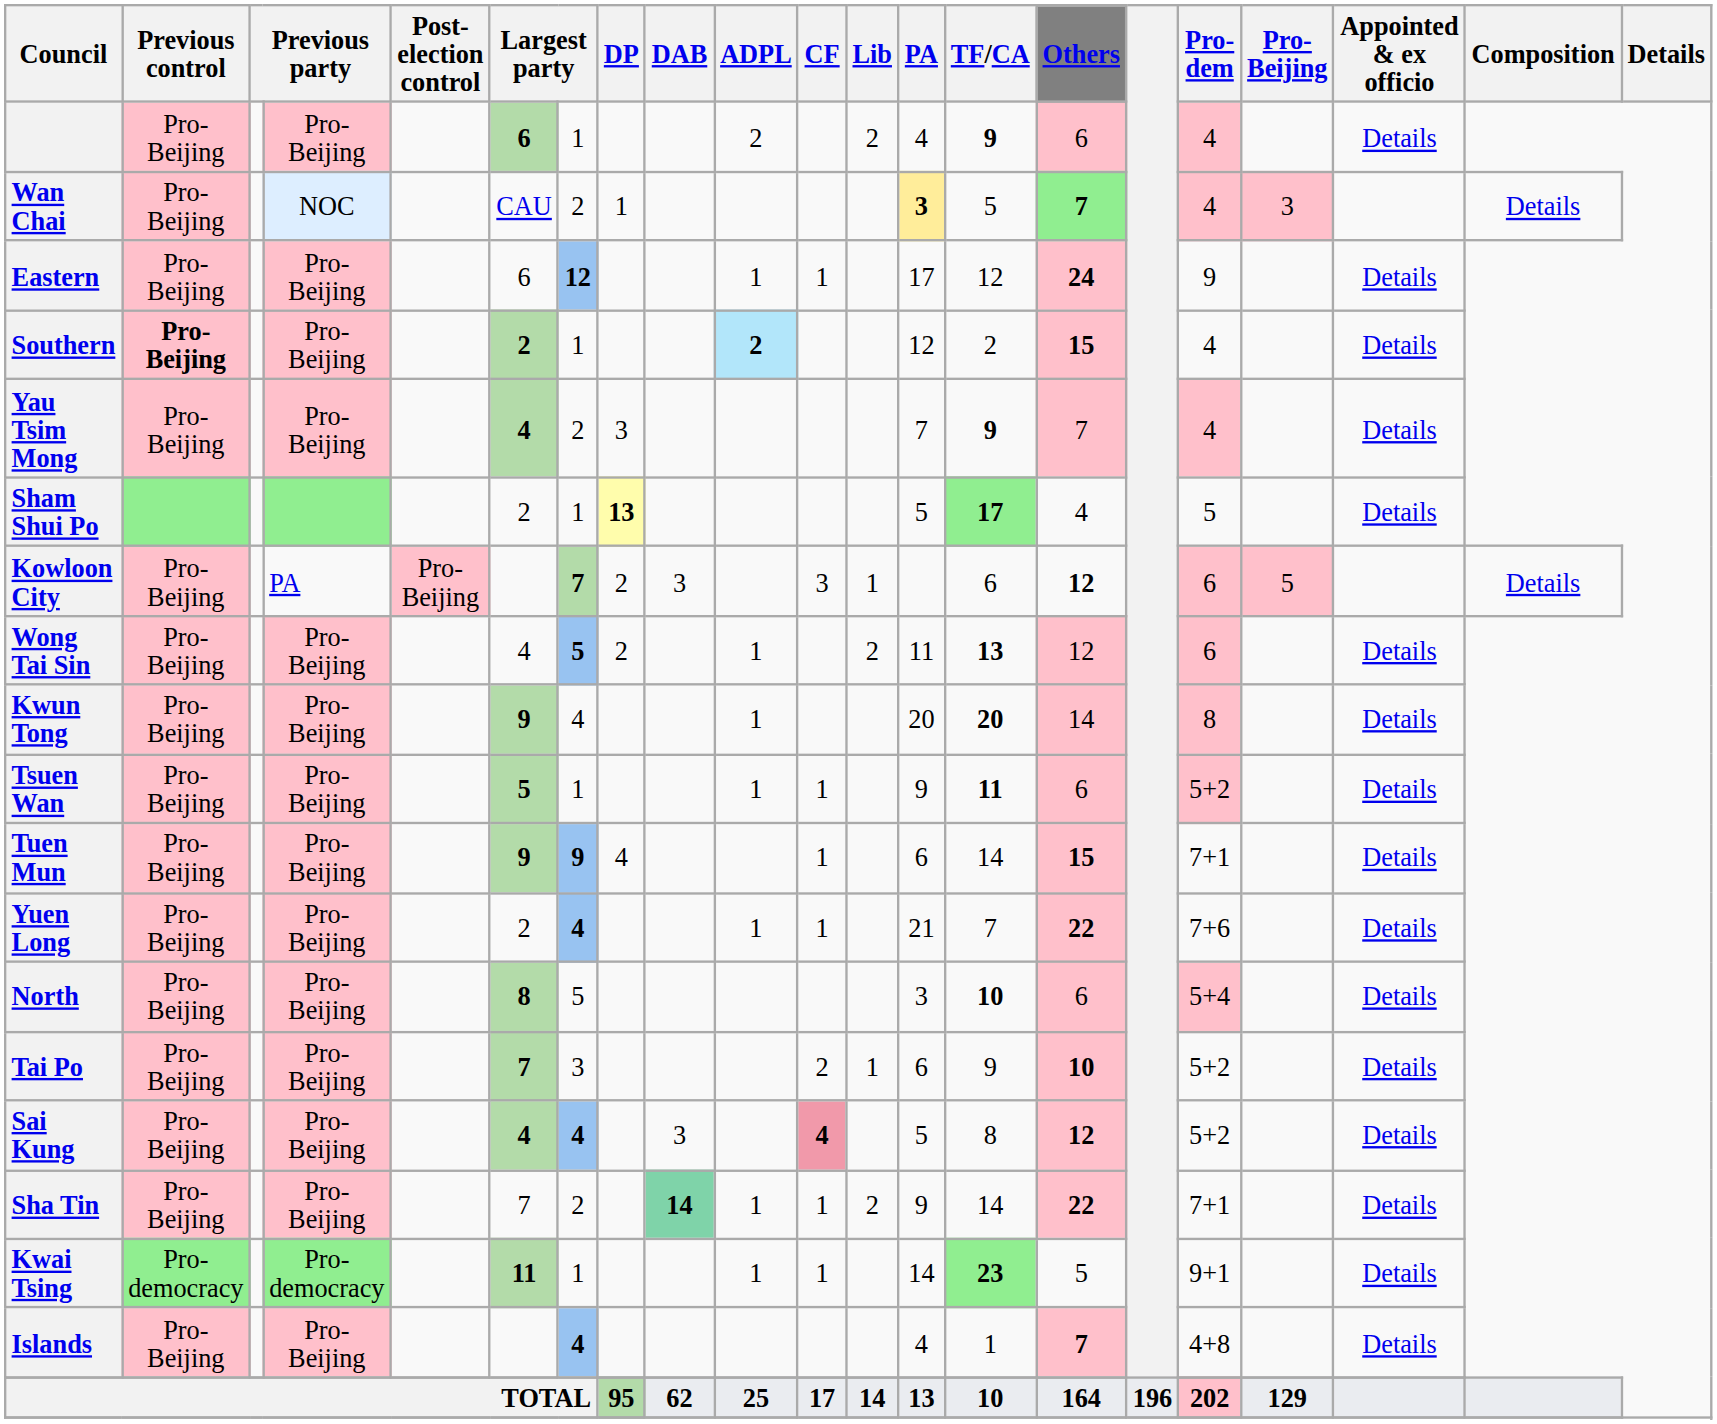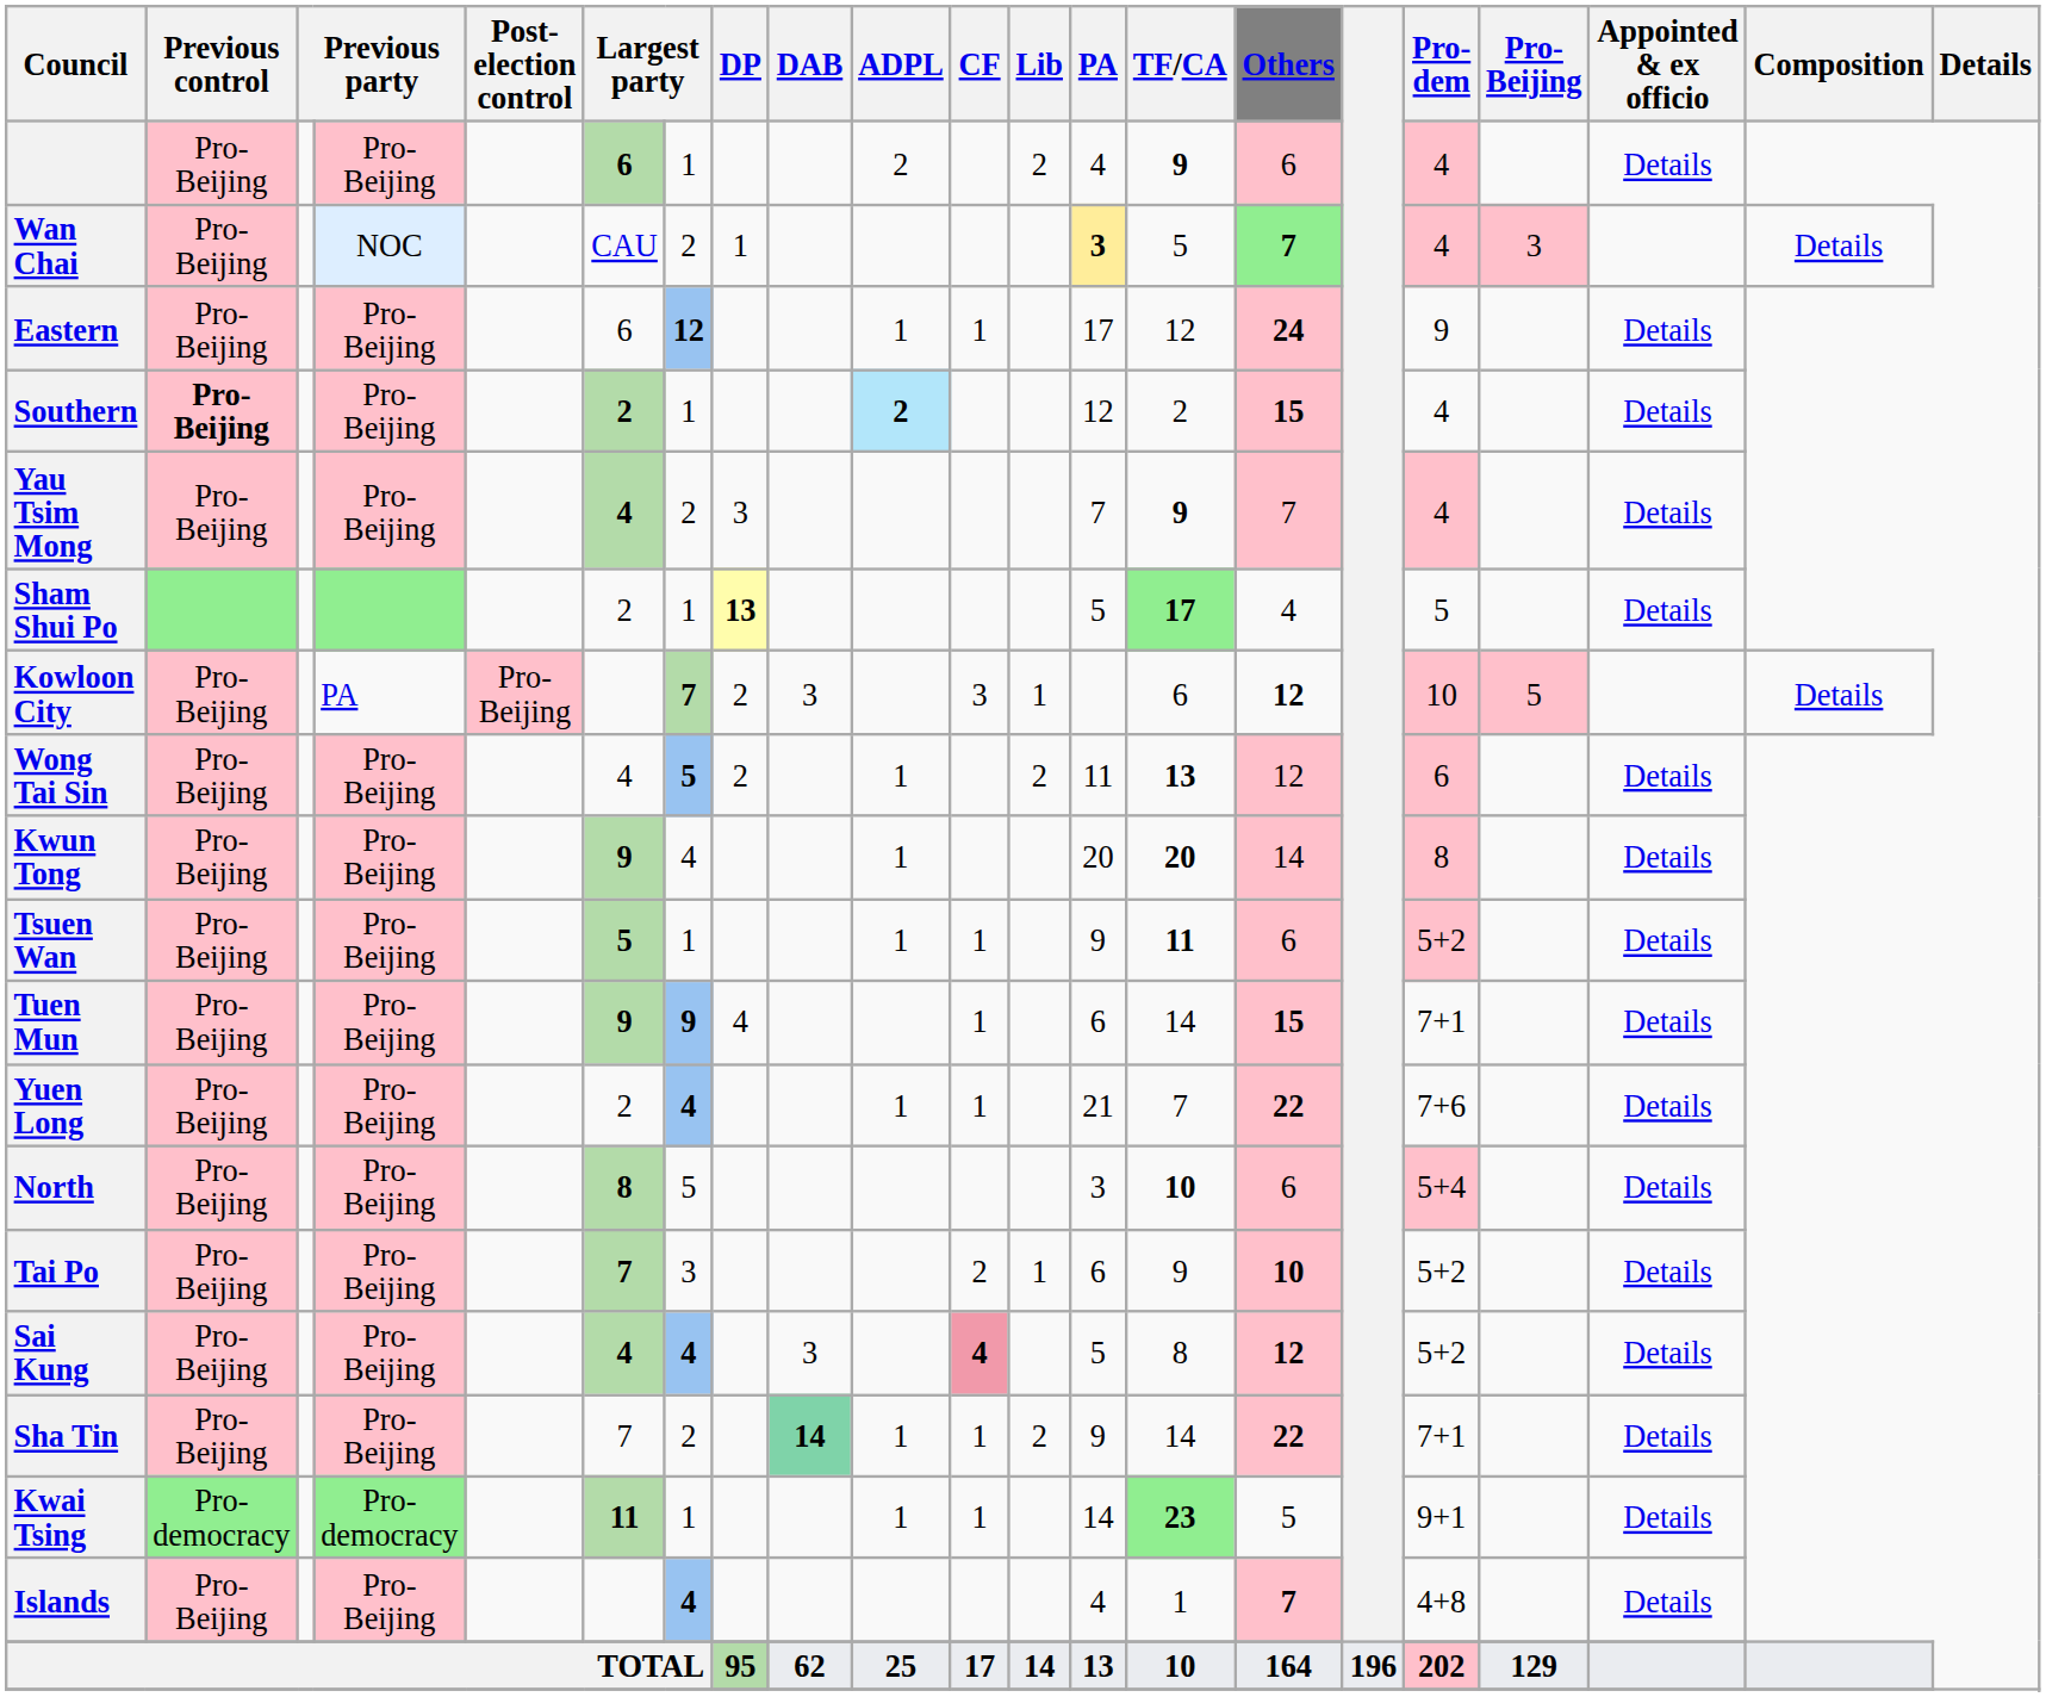 <table class="wikitable" style="text-align:center;font-size:70%">
 <tr>
 <th>Council</th>
 <th>Previous<br>control</th>
 <th colspan=2>Previous<br>party</th>
 <th>Post-election<br>control</th>
 <th colspan=2>Largest<br>party</th>
 <th class="unsortable" style="background:"><a href='#'><span>DP</span></a></th>
 <th class="unsortable" style="background:"><a href='#'><span>DAB</span></a></th>
 <th class="unsortable" style="background:"><a href='#'><span>ADPL</span></a></th>
 <th class="unsortable" style="background:"><a href='#'><span>CF</span></a></th>
 <th class="unsortable" style="background:"><a href='#'><span>Lib</span></a></th>
 <th class="unsortable" style="background:"><a href='#'><span>PA</span></a></th>
 <th class="unsortable" style="background:"><a href='#'><span>TF</span></a>/<a href='#'><span>CA</span></a></th>
 <th class="unsortable" style="background:gray; width:35px;"><a href='#'><span>Others</span></a></th>
 <th class="unsortable" rowspan=20></th>
 <th class="unsortable"  style="width:55px;"><a href='#'>Pro-dem</a></th>
 <th class="unsortable"  style="width:55px;"><a href='#'>Pro-Beijing</a></th>
 <th class="unsortable" style="width:55px;">Appointed<br>& ex officio</th>
 <th class="unsortable">Composition</th>
 <th class="unsortable">Details</th>
 </tr>
 <tr>
 <th scope="row" style="text-align: left;"></th>
 <td style="background-color:Pink">Pro-Beijing</td>
 <td></td>
 <td style="background-color:Pink">Pro-Beijing</td>
 <td></td>
 <td bgcolor=#b3dba9><strong>6</strong></td>
 <td>1</td>
 <td></td>
 <td></td>
 <td>2</td>
 <td></td>
 <td>2</td>
 <td>4</td>
 <td><strong>9</strong></td>
 <td bgcolor=Pink>6</td>
 <td bgcolor=Pink>4</td>
 <td></td>
 <td><a href='#'>Details</a></td>
 </tr>
 <tr>
 <th scope="row" style="text-align: left;"><a href='#'>Wan Chai</a></th>
 <td style="background-color:Pink">Pro-Beijing</td>
 <td></td>
 <td style="background-color:#DDEEFF">NOC</td>
 <td bgcolor=></td>
 <td align=left><a href='#'>CAU</a></td>
 <td>2</td>
 <td>1</td>
 <td></td>
 <td></td>
 <td></td>
 <td></td>
 <td bgcolor=#ffed9a><strong>3</strong></td>
 <td>5</td>
 <td bgcolor=lightgreen><strong>7</strong></td>
 <td bgcolor=Pink>4</td>
 <td bgcolor=Pink>3</td>
 <td></td>
 <td><a href='#'>Details</a></td>
 </tr>
 <tr>
 <th scope="row" style="text-align: left;"><a href='#'>Eastern</a></th>
 <td style="background-color:Pink">Pro-Beijing</td>
 <td></td>
 <td style="background-color:Pink">Pro-Beijing</td>
 <td></td>
 <td>6</td>
 <td bgcolor=#98c3f1><strong>12</strong></td>
 <td></td>
 <td></td>
 <td>1</td>
 <td>1</td>
 <td></td>
 <td>17</td>
 <td>12</td>
 <td bgcolor=pink><strong>24</strong></td>
 <td>9</td>
 <td></td>
 <td><a href='#'>Details</a></td>
 </tr>
 <tr>
 <th scope="row" style="text-align: left;"><a href='#'>Southern</a></th>
 <td style="background-color:Pink"><strong>Pro-Beijing</strong></td>
 <td></td>
 <td style="background-color:Pink">Pro-Beijing</td>
 <td></td>
 <td bgcolor=#b3dba9><strong>2</strong></td>
 <td>1</td>
 <td></td>
 <td></td>
 <td bgcolor=#b2e6fa><strong>2</strong></td>
 <td></td>
 <td></td>
 <td>12</td>
 <td>2</td>
 <td bgcolor=pink><strong>15</strong></td>
 <td>4</td>
 <td></td>
 <td><a href='#'>Details</a></td>
 </tr>
 <tr>
 <th scope="row" style="text-align: left;"><a href='#'>Yau Tsim Mong</a></th>
 <td style="background-color:Pink">Pro-Beijing</td>
 <td></td>
 <td style="background-color:Pink">Pro-Beijing</td>
 <td></td>
 <td bgcolor=#b3dba9><strong>4</strong></td>
 <td>2</td>
 <td>3</td>
 <td></td>
 <td></td>
 <td></td>
 <td></td>
 <td>7</td>
 <td><strong>9</strong></td>
 <td bgcolor=Pink>7</td>
 <td bgcolor=Pink>4</td>
 <td></td>
 <td><a href='#'>Details</a></td>
 </tr>
 <tr>
 <th scope="row" style="text-align: left;"><a href='#'>Sham Shui Po</a></th>
 <td style="background-color:LightGreen"></td>
 <td></td>
 <td style="background-color:LightGreen"></td>
 <td></td>
 <td>2</td>
 <td>1</td>
 <td bgcolor=#fffdac><strong>13</strong></td>
 <td></td>
 <td></td>
 <td></td>
 <td></td>
 <td>5</td>
 <td bgcolor=lightgreen><strong>17</strong></td>
 <td>4</td>
 <td>5</td>
 <td></td>
 <td><a href='#'>Details</a></td>
 </tr>
 <tr>
 <th scope="row" style="text-align: left;"><a href='#'>Kowloon City</a></th>
 <td style="background-color:Pink">Pro-Beijing</td>
 <td bgcolor=></td>
 <td align=left><a href='#'>PA</a></td>
 <td style="background-color:Pink">Pro-Beijing</td>
 <td></td>
 <td bgcolor=#b3dba9><strong>7</strong></td>
 <td>2</td>
 <td>3</td>
 <td></td>
 <td>3</td>
 <td>1</td>
 <td></td>
 <td>6</td>
 <td><strong>12</strong></td>
-<td bgcolor=Pink>6</td>
+<td bgcolor=Pink>10</td>
 <td bgcolor=Pink>5</td>
 <td></td>
 <td><a href='#'>Details</a></td>
 </tr>
 <tr>
 <th scope="row" style="text-align: left;"><a href='#'>Wong Tai Sin</a></th>
 <td style="background-color:Pink">Pro-Beijing</td>
 <td></td>
 <td style="background-color:Pink">Pro-Beijing</td>
 <td></td>
 <td>4</td>
 <td bgcolor=#98c3f1><strong>5</strong></td>
 <td>2</td>
 <td></td>
 <td>1</td>
 <td></td>
 <td>2</td>
 <td>11</td>
 <td><strong>13</strong></td>
 <td bgcolor=Pink>12</td>
 <td bgcolor=Pink>6</td>
 <td></td>
 <td><a href='#'>Details</a></td>
 </tr>
 <tr>
 <th scope="row" style="text-align: left;"><a href='#'>Kwun Tong</a></th>
 <td style="background-color:Pink">Pro-Beijing</td>
 <td></td>
 <td style="background-color:Pink">Pro-Beijing</td>
 <td></td>
 <td bgcolor=#b3dba9><strong>9</strong></td>
 <td>4</td>
 <td></td>
 <td></td>
 <td>1</td>
 <td></td>
 <td></td>
 <td>20</td>
 <td><strong>20</strong></td>
 <td bgcolor=Pink>14</td>
 <td bgcolor=Pink>8</td>
 <td></td>
 <td><a href='#'>Details</a></td>
 </tr>
 <tr>
 <th scope="row" style="text-align: left;"><a href='#'>Tsuen Wan</a></th>
 <td style="background-color:Pink">Pro-Beijing</td>
 <td></td>
 <td style="background-color:Pink">Pro-Beijing</td>
 <td></td>
 <td bgcolor=#b3dba9><strong>5</strong></td>
 <td>1</td>
 <td></td>
 <td></td>
 <td>1</td>
 <td>1</td>
 <td></td>
 <td>9</td>
 <td><strong>11</strong></td>
 <td bgcolor=pink>6</td>
 <td bgcolor=pink>5+2</td>
 <td></td>
 <td><a href='#'>Details</a></td>
 </tr>
 <tr>
 <th scope="row" style="text-align: left;"><a href='#'>Tuen Mun</a></th>
 <td style="background-color:Pink">Pro-Beijing</td>
 <td></td>
 <td style="background-color:Pink">Pro-Beijing</td>
 <td></td>
 <td bgcolor=#b3dba9><strong>9</strong></td>
 <td bgcolor=#98c3f1><strong>9</strong></td>
 <td>4</td>
 <td></td>
 <td></td>
 <td>1</td>
 <td></td>
 <td>6</td>
 <td>14</td>
 <td bgcolor=pink><strong>15</strong></td>
 <td>7+1</td>
 <td></td>
 <td><a href='#'>Details</a></td>
 </tr>
 <tr>
 <th scope="row" style="text-align: left;"><a href='#'>Yuen Long</a></th>
 <td style="background-color:Pink">Pro-Beijing</td>
 <td></td>
 <td style="background-color:Pink">Pro-Beijing</td>
 <td></td>
 <td>2</td>
 <td bgcolor=#98c3f1><strong>4</strong></td>
 <td></td>
 <td></td>
 <td>1</td>
 <td>1</td>
 <td></td>
 <td>21</td>
 <td>7</td>
 <td bgcolor=pink><strong>22</strong></td>
 <td>7+6</td>
 <td></td>
 <td><a href='#'>Details</a></td>
 </tr>
 <tr>
 <th scope="row" style="text-align: left;"><a href='#'>North</a></th>
 <td style="background-color:Pink">Pro-Beijing</td>
 <td></td>
 <td style="background-color:Pink">Pro-Beijing</td>
 <td></td>
 <td bgcolor=#b3dba9><strong>8</strong></td>
 <td>5</td>
 <td></td>
 <td></td>
 <td></td>
 <td></td>
 <td></td>
 <td>3</td>
 <td><strong>10</strong></td>
 <td bgcolor=Pink>6</td>
 <td bgcolor=Pink>5+4</td>
 <td></td>
 <td><a href='#'>Details</a></td>
 </tr>
 <tr>
 <th scope="row" style="text-align: left;"><a href='#'>Tai Po</a></th>
 <td style="background-color:Pink">Pro-Beijing</td>
 <td></td>
 <td style="background-color:Pink">Pro-Beijing</td>
 <td></td>
 <td bgcolor=#b3dba9><strong>7</strong></td>
 <td>3</td>
 <td></td>
 <td></td>
 <td></td>
 <td>2</td>
 <td>1</td>
 <td>6</td>
 <td>9</td>
 <td bgcolor=pink><strong>10</strong></td>
 <td>5+2</td>
 <td></td>
 <td><a href='#'>Details</a></td>
 </tr>
 <tr>
 <th scope="row" style="text-align: left;"><a href='#'>Sai Kung</a></th>
 <td style="background-color:Pink">Pro-Beijing</td>
 <td></td>
 <td style="background-color:Pink">Pro-Beijing</td>
 <td></td>
 <td bgcolor=#b3dba9><strong>4</strong></td>
 <td bgcolor=#98c3f1><strong>4</strong></td>
 <td></td>
 <td>3</td>
 <td></td>
 <td bgcolor=#f199aa><strong>4</strong></td>
 <td></td>
 <td>5</td>
 <td>8</td>
 <td bgcolor=pink><strong>12</strong></td>
 <td>5+2</td>
 <td></td>
 <td><a href='#'>Details</a></td>
 </tr>
 <tr>
 <th scope="row" style="text-align: left;"><a href='#'>Sha Tin</a></th>
 <td style="background-color:Pink">Pro-Beijing</td>
 <td></td>
 <td style="background-color:Pink">Pro-Beijing</td>
 <td></td>
 <td>7</td>
 <td>2</td>
 <td></td>
 <td bgcolor=#7fd3a9><strong>14</strong></td>
 <td>1</td>
 <td>1</td>
 <td>2</td>
 <td>9</td>
 <td>14</td>
 <td bgcolor=pink><strong>22</strong></td>
 <td>7+1</td>
 <td></td>
 <td><a href='#'>Details</a></td>
 </tr>
 <tr>
 <th scope="row" style="text-align: left;"><a href='#'>Kwai Tsing</a></th>
 <td style="background-color:LightGreen">Pro-democracy</td>
 <td></td>
 <td style="background-color:LightGreen">Pro-democracy</td>
 <td></td>
 <td bgcolor=#b3dba9><strong>11</strong></td>
 <td>1</td>
 <td></td>
 <td></td>
 <td>1</td>
 <td>1</td>
 <td></td>
 <td>14</td>
 <td bgcolor=lightgreen><strong>23</strong></td>
 <td>5</td>
 <td>9+1</td>
 <td></td>
 <td><a href='#'>Details</a></td>
 </tr>
 <tr>
 <th scope="row" style="text-align: left;"><a href='#'>Islands</a></th>
 <td style="background-color:Pink">Pro-Beijing</td>
 <td></td>
 <td style="background-color:Pink">Pro-Beijing</td>
 <td></td>
 <td></td>
 <td bgcolor=#98c3f1><strong>4</strong></td>
 <td></td>
 <td></td>
 <td></td>
 <td></td>
 <td></td>
 <td>4</td>
 <td>1</td>
 <td bgcolor=pink><strong>7</strong></td>
 <td>4+8</td>
 <td></td>
 <td><a href='#'>Details</a></td>
 </tr>
 <tr>
 </tr>
 <tr bgcolor=#EAECF0>
 <th scope="row" style="text-align: right;" colspan=7>TOTAL</th>
 <td bgcolor=#b3dba9><strong>95</strong></td>
 <td><strong>62</strong></td>
 <td><strong>25</strong></td>
 <td><strong>17</strong></td>
 <td><strong>14</strong></td>
 <td><strong>13</strong></td>
 <td><strong>10</strong></td>
 <td><strong>164</strong></td>
 <td><strong>196</strong></td>
 <td bgcolor=Pink><strong>202</strong></td>
 <td><strong>129</strong></td>
 <td></td>
 <td></td>
 </tr>
 <tr>
 </tr>
 </table>
